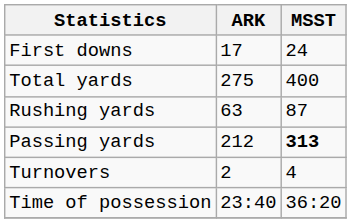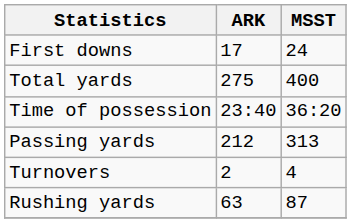 <table class="wikitable">
 <tr>
 <th>Statistics</th>
 <th>ARK</th>
 <th>MSST</th>
 </tr>
 <tr>
 <td>First downs</td>
 <td>17</td>
 <td>24</td>
 </tr>
 <tr>
 <td>Total yards</td>
 <td>275</td>
 <td>400</td>
 </tr>
 <tr>
-<td>Rushing yards</td>
-<td>63</td>
-<td>87</td>
+<td>Time of possession</td>
+<td>23:40</td>
+<td>36:20</td>
 </tr>
 <tr>
 <td>Passing yards</td>
 <td>212</td>
-<td><strong>313</strong></td>
+<td>313</td>
 </tr>
 <tr>
 <td>Turnovers</td>
 <td>2</td>
 <td>4</td>
 </tr>
 <tr>
-<td>Time of possession</td>
-<td>23:40</td>
-<td>36:20</td>
+<td>Rushing yards</td>
+<td>63</td>
+<td>87</td>
 </tr>
 <tr>
 </tr>
 </table>
